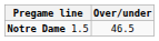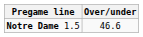 <table class="wikitable">
 <tr align="center">
 <th>Pregame line</th>
 <th>Over/under</th>
 </tr>
 <tr align="center">
 <td><strong>Notre Dame</strong> 1.5</td>
-<td>46.5</td>
+<td>46.6</td>
 </tr>
 </table>
